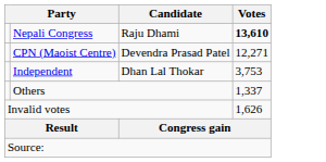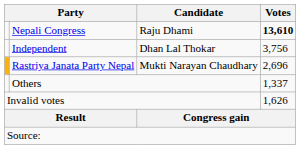 <table class="wikitable">
 <tr>
 <th colspan="2">Party</th>
 <th>Candidate</th>
 <th>Votes</th>
 </tr>
 <tr>
 <td style="background-color:"></td>
 <td><a href='#'>Nepali Congress</a></td>
 <td>Raju Dhami</td>
 <td><strong>13,610</strong></td>
 </tr>
 <tr>
 <td style="background-color:"></td>
-<td><a href='#'>CPN (Maoist Centre)</a></td>
-<td>Devendra Prasad Patel</td>
-<td>12,271</td>
+<td><a href='#'>Independent</a></td>
+<td>Dhan Lal Thokar</td>
+<td>3,756</td>
 </tr>
 <tr>
-<td style="background-color:"></td>
-<td><a href='#'>Independent</a></td>
-<td>Dhan Lal Thokar</td>
-<td>3,753</td>
+<td style="background-color:#ffb300"></td>
+<td><a href='#'>Rastriya Janata Party Nepal</a></td>
+<td>Mukti Narayan Chaudhary</td>
+<td>2,696</td>
 </tr>
 <tr>
 <td></td>
 <td colspan="2">Others</td>
 <td>1,337</td>
 </tr>
 <tr>
 <td colspan="3">Invalid votes</td>
 <td>1,626</td>
 </tr>
 <tr>
 <th colspan="2">Result</th>
 <th colspan="2">Congress gain</th>
 </tr>
 <tr>
 <td colspan="4">Source: </td>
 </tr>
 </table>
